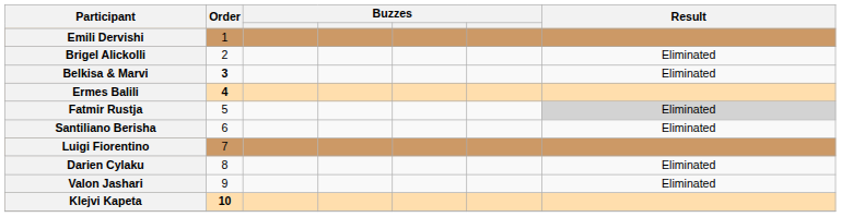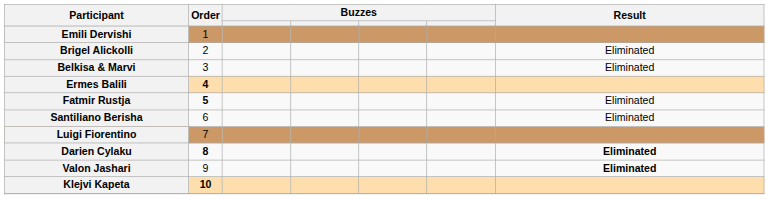 <table class="wikitable plainrowheaders sortable" style="text-align:center;">
 <tr>
 <th scope="col" rowspan="2" class="unsortable" style="width:17em;">Participant</th>
 <th scope="col" rowspan="2" style="width:1em;">Order</th>
 <th scope="col" colspan="4" class="unsortable" style="width:24em;">Buzzes</th>
 <th scope="col" rowspan="2" style="width:25em;">Result</th>
 </tr>
 <tr>
 <th scope="col" class="unsortable" style="width:6em;"></th>
 <th scope="col" class="unsortable" style="width:6em;"></th>
 <th scope="col" class="unsortable" style="width:6em;"></th>
 <th scope="col" class="unsortable" style="width:6em;"></th>
 </tr>
 <tr bgcolor=#c96>
 <th scope="row">Emili Dervishi</th>
 <td>1</td>
 <td style="text-align:center;"></td>
 <td style="text-align:center;"></td>
 <td style="text-align:center;"></td>
 <td style="text-align:center;"></td>
 <td></td>
 </tr>
 <tr>
 <th scope="row">Brigel Alickolli</th>
 <td>2</td>
 <td style="text-align:center;"></td>
 <td style="text-align:center;"></td>
 <td style="text-align:center;"></td>
 <td style="text-align:center;"></td>
 <td>Eliminated</td>
 </tr>
 <tr>
 <th scope="row">Belkisa & Marvi</th>
-<td><strong>3</strong></td>
+<td>3</td>
 <td style="text-align:center;"></td>
 <td style="text-align:center;"></td>
 <td style="text-align:center;"></td>
 <td style="text-align:center;"></td>
 <td>Eliminated</td>
 </tr>
 <tr bgcolor=navajowhite>
 <th scope="row"><strong>Ermes Balili</strong></th>
 <td><strong>4</strong></td>
 <td style="text-align:center;"></td>
 <td style="text-align:center;"></td>
 <td style="text-align:center;"></td>
 <td style="text-align:center;"></td>
 <td><strong></strong></td>
 </tr>
 <tr>
 <th scope="row">Fatmir Rustja</th>
-<td>5</td>
+<td><strong>5</strong></td>
 <td style="text-align:center;"></td>
 <td style="text-align:center;"></td>
 <td style="text-align:center;"></td>
 <td style="text-align:center;"></td>
-<td style="background: lightgrey;">Eliminated</td>
+<td>Eliminated</td>
 </tr>
 <tr>
 <th scope="row">Santiliano Berisha</th>
 <td>6</td>
 <td style="text-align:center;"></td>
 <td style="text-align:center;"></td>
 <td style="text-align:center;"></td>
 <td style="text-align:center;"></td>
 <td>Eliminated</td>
 </tr>
 <tr bgcolor=#c96>
 <th scope="row">Luigi Fiorentino</th>
 <td>7</td>
 <td style="text-align:center;"></td>
 <td style="text-align:center;"></td>
 <td style="text-align:center;"></td>
 <td style="text-align:center;"></td>
 <td></td>
 </tr>
 <tr>
 <th scope="row">Darien Cylaku</th>
-<td>8</td>
+<td><strong>8</strong></td>
 <td style="text-align:center;"></td>
 <td style="text-align:center;"></td>
 <td style="text-align:center;"></td>
 <td style="text-align:center;"></td>
-<td>Eliminated</td>
+<td><strong>Eliminated</strong></td>
 </tr>
 <tr>
 <th scope="row">Valon Jashari</th>
 <td>9</td>
 <td style="text-align:center;"></td>
 <td style="text-align:center;"></td>
 <td style="text-align:center;"></td>
 <td style="text-align:center;"></td>
-<td>Eliminated</td>
+<td><strong>Eliminated</strong></td>
 </tr>
 <tr bgcolor=navajowhite>
 <th scope="row"><strong>Klejvi Kapeta</strong></th>
 <td><strong>10</strong></td>
 <td style="text-align:center;"></td>
 <td style="text-align:center;"></td>
 <td style="text-align:center;"></td>
 <td style="text-align:center;"></td>
 <td><strong></strong></td>
 </tr>
 <tr>
 </tr>
 </table>
